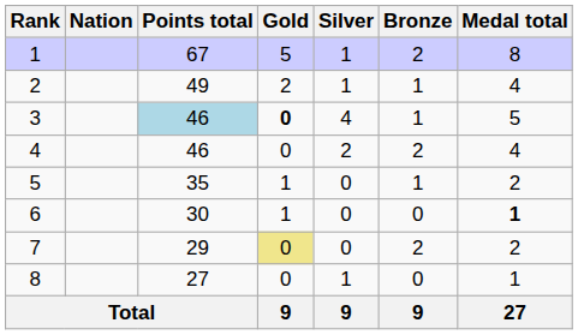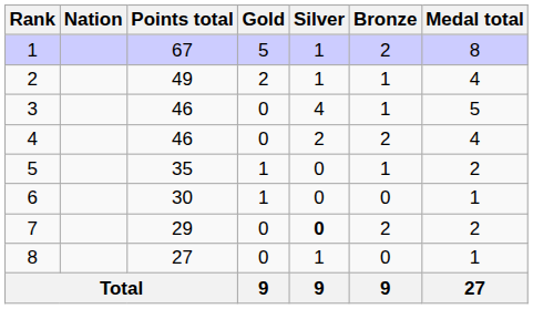 <table class=wikitable sortable style="text-align:center;">
 <tr>
 <th>Rank</th>
 <th>Nation</th>
 <th>Points total</th>
 <th>Gold</th>
 <th>Silver</th>
 <th>Bronze</th>
 <th>Medal total</th>
 </tr>
 <tr style="background-color:#ccccff">
 <td>1</td>
 <td align=left></td>
 <td>67</td>
 <td>5</td>
 <td>1</td>
 <td>2</td>
 <td>8</td>
 </tr>
 <tr>
 <td>2</td>
 <td align=left></td>
 <td>49</td>
 <td>2</td>
 <td>1</td>
 <td>1</td>
 <td>4</td>
 </tr>
 <tr>
 <td>3</td>
 <td align=left></td>
-<td style="background: lightblue;">46</td>
-<td><strong>0</strong></td>
+<td>46</td>
+<td>0</td>
 <td>4</td>
 <td>1</td>
 <td>5</td>
 </tr>
 <tr>
 <td>4</td>
 <td align=left></td>
 <td>46</td>
 <td>0</td>
 <td>2</td>
 <td>2</td>
 <td>4</td>
 </tr>
 <tr>
 <td>5</td>
 <td align=left></td>
 <td>35</td>
 <td>1</td>
 <td>0</td>
 <td>1</td>
 <td>2</td>
 </tr>
 <tr>
 <td>6</td>
 <td align=left></td>
 <td>30</td>
 <td>1</td>
 <td>0</td>
 <td>0</td>
-<td><strong>1</strong></td>
+<td>1</td>
 </tr>
 <tr>
 <td>7</td>
 <td align=left></td>
 <td>29</td>
-<td style="background: khaki;">0</td>
 <td>0</td>
+<td><strong>0</strong></td>
 <td>2</td>
 <td>2</td>
 </tr>
 <tr>
 <td>8</td>
 <td align=left></td>
 <td>27</td>
 <td>0</td>
 <td>1</td>
 <td>0</td>
 <td>1</td>
 </tr>
 <tr class="sortbottom">
 <th colspan=3>Total</th>
 <th>9</th>
 <th>9</th>
 <th>9</th>
 <th>27</th>
 </tr>
 </table>
